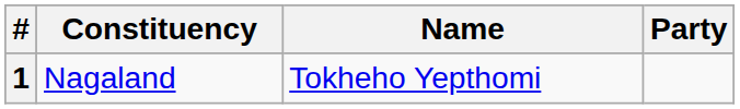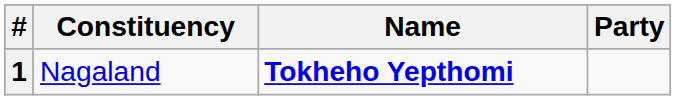 <table class="wikitable sortable">
 <tr>
 <th>#</th>
 <th style="width:120px">Constituency</th>
 <th style="width:180px">Name</th>
 <th colspan=2>Party</th>
 </tr>
 <tr>
 <th>1</th>
 <td><a href='#'>Nagaland</a></td>
-<td><a href='#'>Tokheho Yepthomi</a></td>
+<td><strong><a href='#'>Tokheho Yepthomi</a></strong></td>
 <td></td>
 </tr>
 </table>
